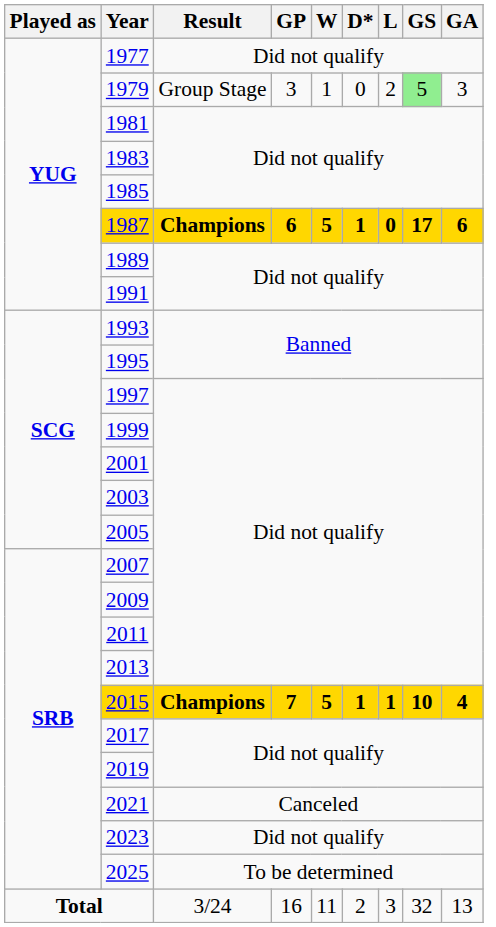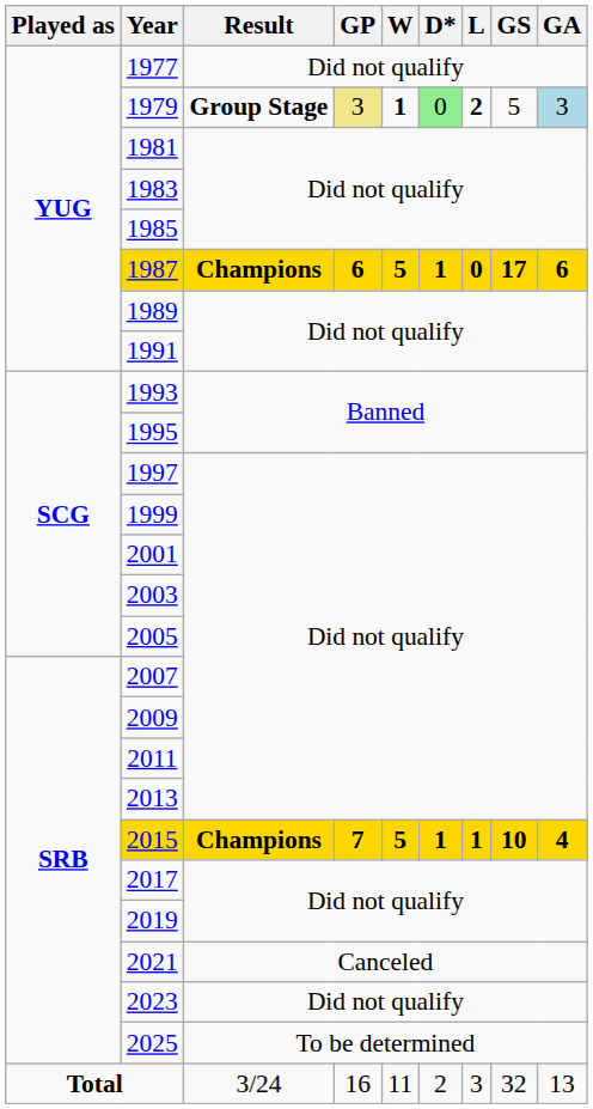 <table class="wikitable" style="text-align: center;">
 <tr>
 <th>Played as</th>
 <th>Year</th>
 <th>Result</th>
 <th>GP</th>
 <th>W</th>
 <th>D*</th>
 <th>L</th>
 <th>GS</th>
 <th>GA</th>
 </tr>
 <tr>
 <td rowspan="8"><strong> <a href='#'>YUG</a></strong></td>
 <td> <a href='#'>1977</a></td>
 <td colspan=8>Did not qualify</td>
 </tr>
 <tr>
 <td> <a href='#'>1979</a></td>
-<td>Group Stage</td>
-<td>3</td>
-<td>1</td>
-<td>0</td>
-<td>2</td>
-<td style="background: lightgreen;">5</td>
-<td>3</td>
+<td><strong>Group Stage</strong></td>
+<td style="background: khaki;">3</td>
+<td><strong>1</strong></td>
+<td style="background: lightgreen;">0</td>
+<td><strong>2</strong></td>
+<td>5</td>
+<td style="background: lightblue;">3</td>
 </tr>
 <tr>
 <td> <a href='#'>1981</a></td>
 <td rowspan=3 colspan=8>Did not qualify</td>
 </tr>
 <tr>
 <td> <a href='#'>1983</a></td>
 </tr>
 <tr>
 <td> <a href='#'>1985</a></td>
 </tr>
 <tr bgcolor=gold>
 <td> <a href='#'>1987</a></td>
 <td><strong>Champions</strong></td>
 <td><strong>6</strong></td>
 <td><strong>5</strong></td>
 <td><strong>1</strong></td>
 <td><strong>0</strong></td>
 <td><strong>17</strong></td>
 <td><strong>6</strong></td>
 </tr>
 <tr>
 <td> <a href='#'>1989</a></td>
 <td rowspan=2 colspan=8>Did not qualify</td>
 </tr>
 <tr>
 <td> <a href='#'>1991</a></td>
 </tr>
 <tr>
 <td rowspan="7"><strong> <a href='#'>SCG</a></strong></td>
 <td> <a href='#'>1993</a></td>
 <td rowspan=2 colspan=8><a href='#'>Banned</a></td>
 </tr>
 <tr>
 <td> <a href='#'>1995</a></td>
 </tr>
 <tr>
 <td> <a href='#'>1997</a></td>
 <td rowspan=9 colspan=8>Did not qualify</td>
 </tr>
 <tr>
 <td> <a href='#'>1999</a></td>
 </tr>
 <tr>
 <td> <a href='#'>2001</a></td>
 </tr>
 <tr>
 <td> <a href='#'>2003</a></td>
 </tr>
 <tr>
 <td> <a href='#'>2005</a></td>
 </tr>
 <tr>
 <td rowspan="10"><strong> <a href='#'>SRB</a></strong></td>
 <td> <a href='#'>2007</a></td>
 </tr>
 <tr>
 <td> <a href='#'>2009</a></td>
 </tr>
 <tr>
 <td> <a href='#'>2011</a></td>
 </tr>
 <tr>
 <td> <a href='#'>2013</a></td>
 </tr>
 <tr bgcolor=gold>
 <td> <a href='#'>2015</a></td>
 <td><strong>Champions</strong></td>
 <td><strong>7</strong></td>
 <td><strong>5</strong></td>
 <td><strong>1</strong></td>
 <td><strong>1</strong></td>
 <td><strong>10</strong></td>
 <td><strong>4</strong></td>
 </tr>
 <tr>
 <td> <a href='#'>2017</a></td>
 <td rowspan=2 colspan=8>Did not qualify</td>
 </tr>
 <tr>
 <td> <a href='#'>2019</a></td>
 </tr>
 <tr>
 <td> <a href='#'>2021</a></td>
 <td colspan=8>Canceled</td>
 </tr>
 <tr>
 <td> <a href='#'>2023</a></td>
 <td colspan=8>Did not qualify</td>
 </tr>
 <tr>
 <td> <a href='#'>2025</a></td>
 <td colspan=8>To be determined</td>
 </tr>
 <tr>
 <td colspan=2><strong>Total</strong></td>
 <td>3/24</td>
 <td>16</td>
 <td>11</td>
 <td>2</td>
 <td>3</td>
 <td>32</td>
 <td>13</td>
 </tr>
 </table>
